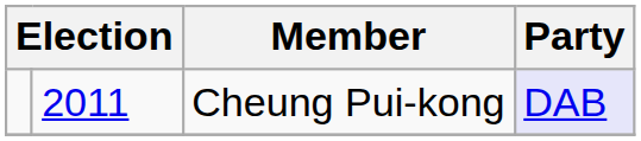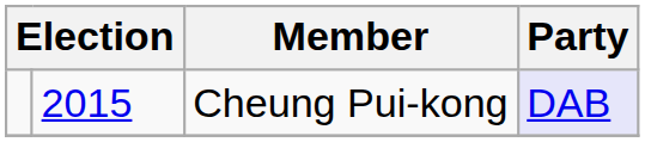 <table class="wikitable">
 <tr>
 <th colspan="2">Election</th>
 <th>Member</th>
 <th>Party</th>
 </tr>
 <tr>
 <td style="background-color:"></td>
-<td><a href='#'>2011</a></td>
+<td><a href='#'>2015</a></td>
 <td>Cheung Pui-kong</td>
 <td style="background: lavender;"><a href='#'>DAB</a></td>
 </tr>
 <tr>
 </tr>
 </table>
